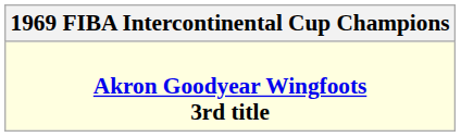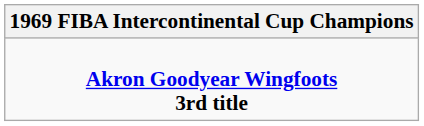 <table class=wikitable style="text-align:center; margin:auto">
 <tr>
 <th>1969 FIBA Intercontinental Cup Champions</th>
 </tr>
 <tr>
-<td style="background: lightyellow;"><br><strong><a href='#'>Akron Goodyear Wingfoots</a></strong><br><strong>3rd title</strong></td>
+<td><br><strong><a href='#'>Akron Goodyear Wingfoots</a></strong><br><strong>3rd title</strong></td>
 </tr>
 </table>
